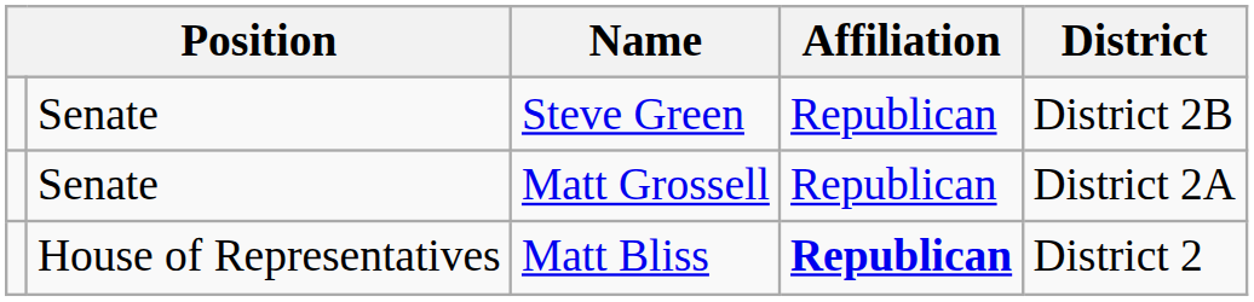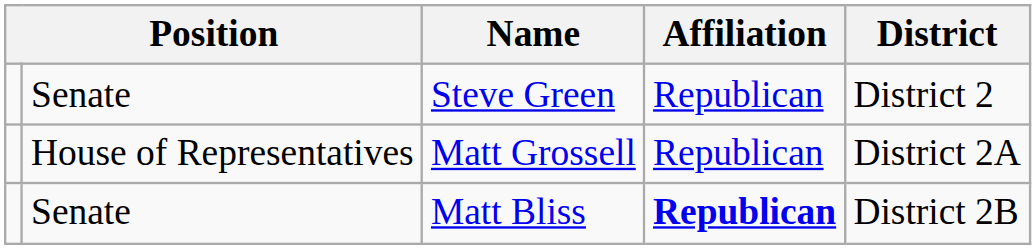 <table class="wikitable">
 <tr>
 <th colspan="2">Position</th>
 <th>Name</th>
 <th>Affiliation</th>
 <th>District</th>
 </tr>
 <tr>
 <td style="background-color:"></td>
 <td>Senate</td>
 <td><a href='#'>Steve Green</a> </td>
 <td><a href='#'>Republican</a></td>
-<td>District 2B</td>
+<td>District 2</td>
 </tr>
 <tr>
 <td style="background-color:"></td>
-<td>Senate</td>
+<td>House of Representatives</td>
 <td><a href='#'>Matt Grossell</a> </td>
 <td><a href='#'>Republican</a></td>
 <td>District 2A</td>
 </tr>
 <tr>
 <td style="background-color:"></td>
-<td>House of Representatives</td>
+<td>Senate</td>
 <td><a href='#'>Matt Bliss</a> </td>
 <td><strong><a href='#'>Republican</a></strong></td>
-<td>District 2</td>
+<td>District 2B</td>
 </tr>
 </table>
